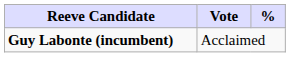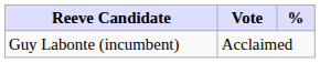 <table class="wikitable">
 <tr>
 <th style="background:#ddf; width:200px;">Reeve Candidate</th>
 <th style="background:#ddf; width:50px;">Vote</th>
 <th style="background:#ddf; width:30px;">%</th>
 </tr>
 <tr>
-<td><strong>Guy Labonte (incumbent)</strong></td>
+<td>Guy Labonte (incumbent)</td>
 <td colspan="2">Acclaimed</td>
 </tr>
 </table>
